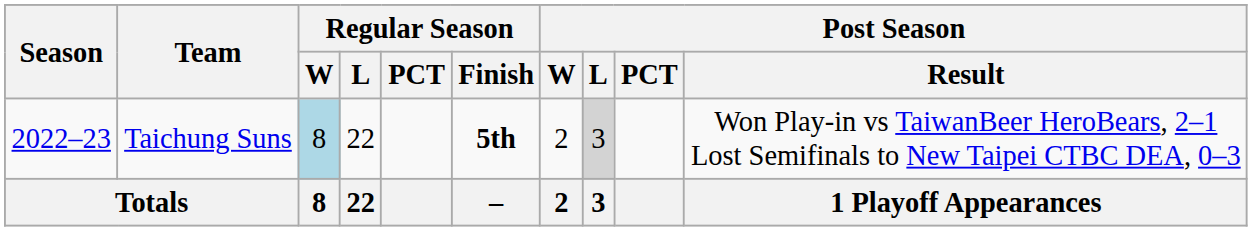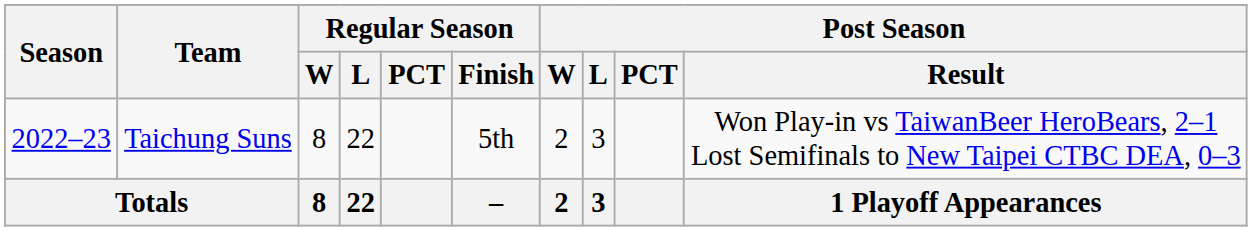 <table class="wikitable" style="font-size: 95%; text-align:center;">
 <tr>
 <th rowspan="2">Season</th>
 <th rowspan="2">Team</th>
 <th colspan="4">Regular Season</th>
 <th colspan="4">Post Season</th>
 </tr>
 <tr>
 <th>W</th>
 <th>L</th>
 <th>PCT</th>
 <th>Finish</th>
 <th>W</th>
 <th>L</th>
 <th>PCT</th>
 <th>Result</th>
 </tr>
 <tr>
 <td><a href='#'>2022–23</a></td>
 <td><a href='#'>Taichung Suns</a></td>
-<td style="background: lightblue;">8</td>
+<td>8</td>
 <td>22</td>
 <td></td>
-<td><strong>5th</strong></td>
+<td>5th</td>
 <td>2</td>
-<td style="background: lightgrey;">3</td>
+<td>3</td>
 <td></td>
 <td>Won Play-in vs <a href='#'>TaiwanBeer HeroBears</a>, <a href='#'>2–1</a><br>Lost Semifinals to <a href='#'>New Taipei CTBC DEA</a>, <a href='#'>0–3</a></td>
 </tr>
 <tr>
 <th colspan="2">Totals</th>
 <th>8</th>
 <th>22</th>
 <th></th>
 <th>–</th>
 <th>2</th>
 <th>3</th>
 <th></th>
 <th>1 Playoff Appearances</th>
 </tr>
 </table>
